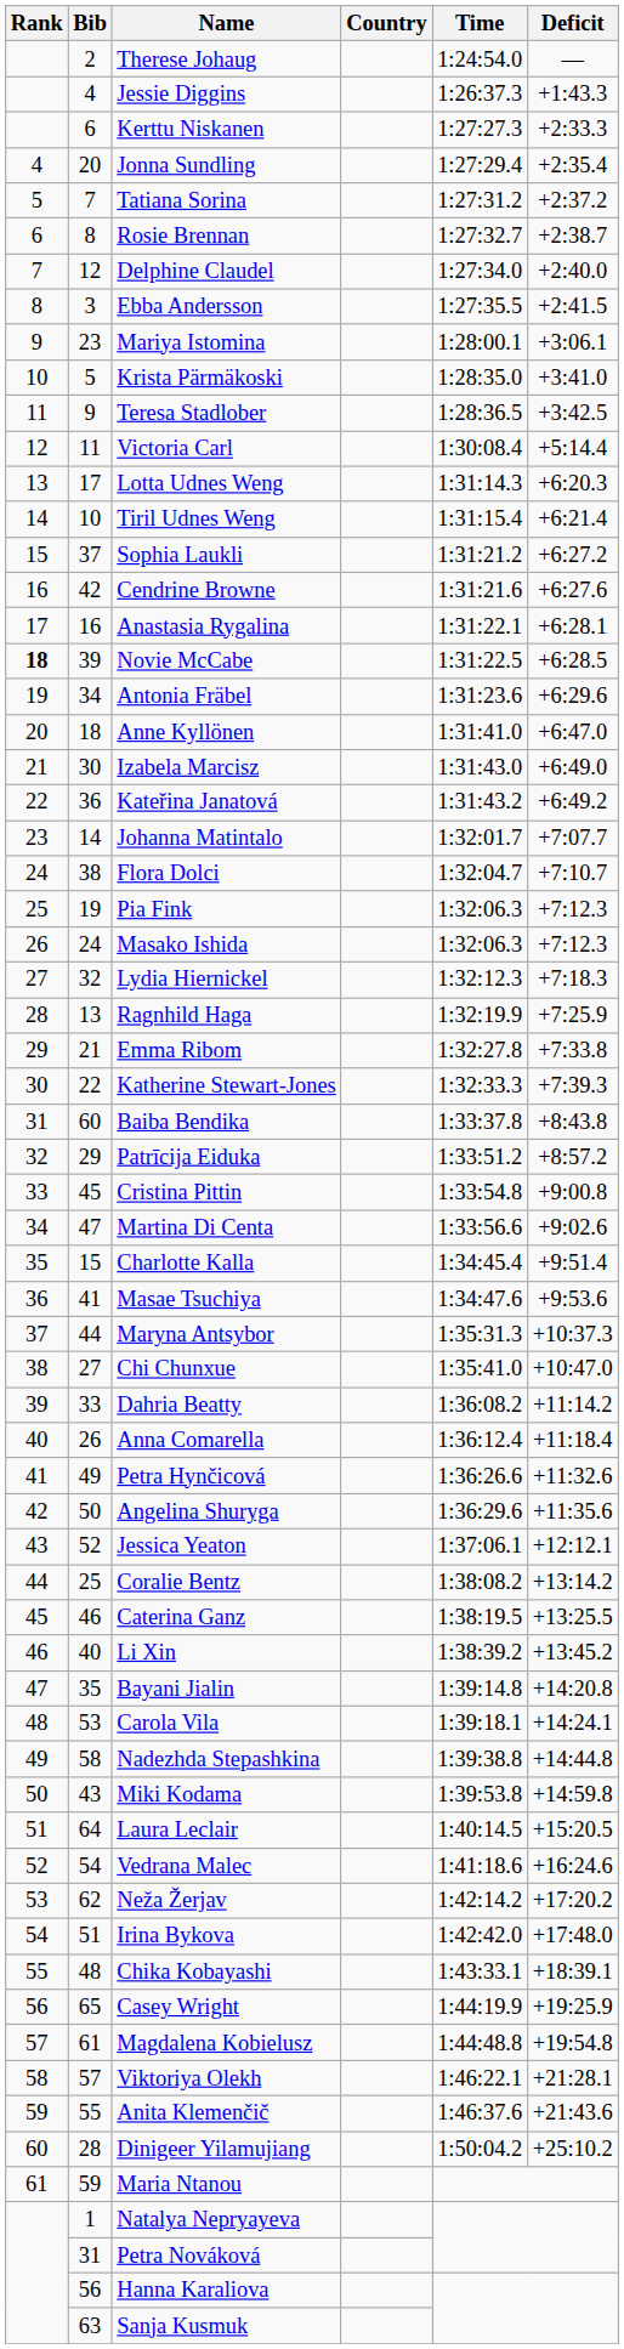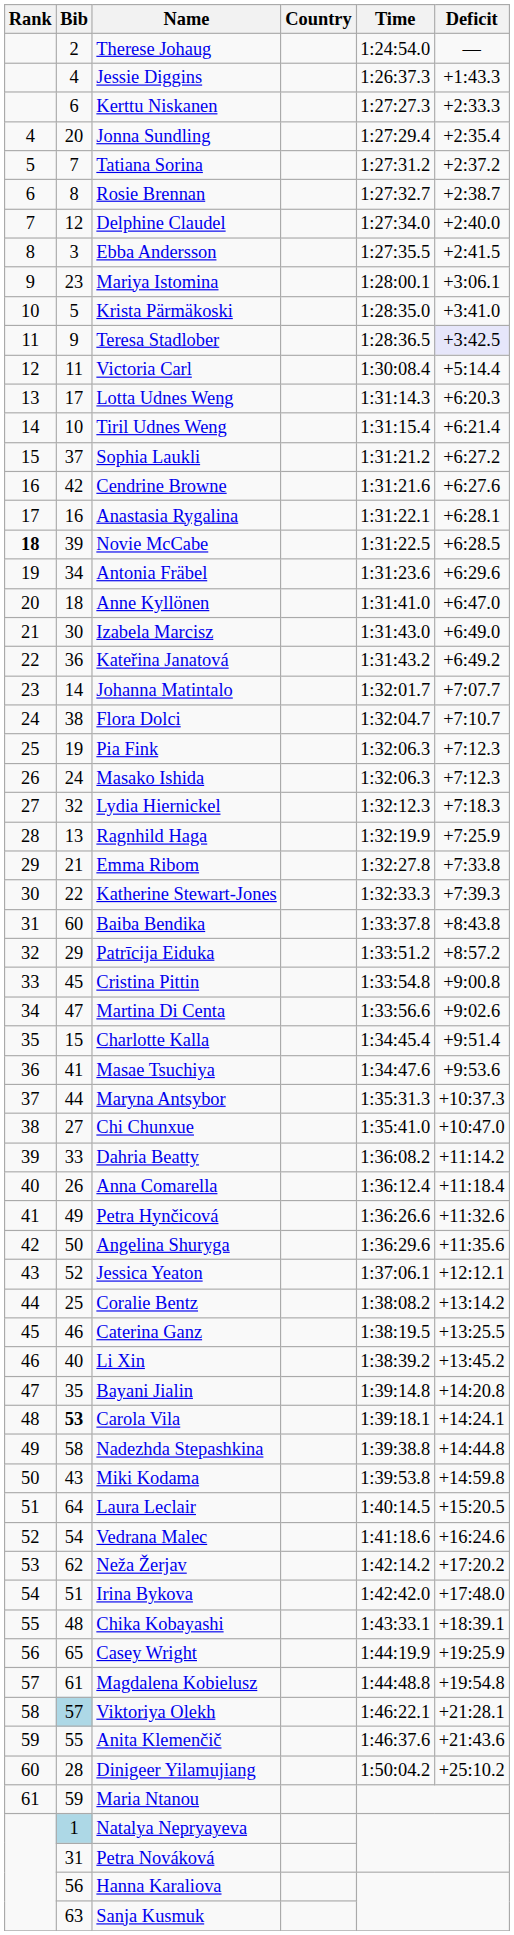 <table class="wikitable sortable" style="text-align:center">
 <tr>
 <th>Rank</th>
 <th>Bib</th>
 <th>Name</th>
 <th>Country</th>
 <th>Time</th>
 <th>Deficit</th>
 </tr>
 <tr>
 <td></td>
 <td>2</td>
 <td align=left><a href='#'>Therese Johaug</a></td>
 <td align=left></td>
 <td>1:24:54.0</td>
 <td>—</td>
 </tr>
 <tr>
 <td></td>
 <td>4</td>
 <td align=left><a href='#'>Jessie Diggins</a></td>
 <td align=left></td>
 <td>1:26:37.3</td>
 <td>+1:43.3</td>
 </tr>
 <tr>
 <td></td>
 <td>6</td>
 <td align=left><a href='#'>Kerttu Niskanen</a></td>
 <td align=left></td>
 <td>1:27:27.3</td>
 <td>+2:33.3</td>
 </tr>
 <tr>
 <td>4</td>
 <td>20</td>
 <td align=left><a href='#'>Jonna Sundling</a></td>
 <td align=left></td>
 <td>1:27:29.4</td>
 <td>+2:35.4</td>
 </tr>
 <tr>
 <td>5</td>
 <td>7</td>
 <td align=left><a href='#'>Tatiana Sorina</a></td>
 <td align=left></td>
 <td>1:27:31.2</td>
 <td>+2:37.2</td>
 </tr>
 <tr>
 <td>6</td>
 <td>8</td>
 <td align=left><a href='#'>Rosie Brennan</a></td>
 <td align=left></td>
 <td>1:27:32.7</td>
 <td>+2:38.7</td>
 </tr>
 <tr>
 <td>7</td>
 <td>12</td>
 <td align=left><a href='#'>Delphine Claudel</a></td>
 <td align=left></td>
 <td>1:27:34.0</td>
 <td>+2:40.0</td>
 </tr>
 <tr>
 <td>8</td>
 <td>3</td>
 <td align=left><a href='#'>Ebba Andersson</a></td>
 <td align=left></td>
 <td>1:27:35.5</td>
 <td>+2:41.5</td>
 </tr>
 <tr>
 <td>9</td>
 <td>23</td>
 <td align=left><a href='#'>Mariya Istomina</a></td>
 <td align=left></td>
 <td>1:28:00.1</td>
 <td>+3:06.1</td>
 </tr>
 <tr>
 <td>10</td>
 <td>5</td>
 <td align=left><a href='#'>Krista Pärmäkoski</a></td>
 <td align=left></td>
 <td>1:28:35.0</td>
 <td>+3:41.0</td>
 </tr>
 <tr>
 <td>11</td>
 <td>9</td>
 <td align=left><a href='#'>Teresa Stadlober</a></td>
 <td align=left></td>
 <td>1:28:36.5</td>
-<td>+3:42.5</td>
+<td style="background: lavender;">+3:42.5</td>
 </tr>
 <tr>
 <td>12</td>
 <td>11</td>
 <td align=left><a href='#'>Victoria Carl</a></td>
 <td align=left></td>
 <td>1:30:08.4</td>
 <td>+5:14.4</td>
 </tr>
 <tr>
 <td>13</td>
 <td>17</td>
 <td align=left><a href='#'>Lotta Udnes Weng</a></td>
 <td align=left></td>
 <td>1:31:14.3</td>
 <td>+6:20.3</td>
 </tr>
 <tr>
 <td>14</td>
 <td>10</td>
 <td align=left><a href='#'>Tiril Udnes Weng</a></td>
 <td align=left></td>
 <td>1:31:15.4</td>
 <td>+6:21.4</td>
 </tr>
 <tr>
 <td>15</td>
 <td>37</td>
 <td align=left><a href='#'>Sophia Laukli</a></td>
 <td align=left></td>
 <td>1:31:21.2</td>
 <td>+6:27.2</td>
 </tr>
 <tr>
 <td>16</td>
 <td>42</td>
 <td align=left><a href='#'>Cendrine Browne</a></td>
 <td align=left></td>
 <td>1:31:21.6</td>
 <td>+6:27.6</td>
 </tr>
 <tr>
 <td>17</td>
 <td>16</td>
 <td align=left><a href='#'>Anastasia Rygalina</a></td>
 <td align=left></td>
 <td>1:31:22.1</td>
 <td>+6:28.1</td>
 </tr>
 <tr>
 <td><strong>18</strong></td>
 <td>39</td>
 <td align=left><a href='#'>Novie McCabe</a></td>
 <td align=left></td>
 <td>1:31:22.5</td>
 <td>+6:28.5</td>
 </tr>
 <tr>
 <td>19</td>
 <td>34</td>
 <td align=left><a href='#'>Antonia Fräbel</a></td>
 <td align=left></td>
 <td>1:31:23.6</td>
 <td>+6:29.6</td>
 </tr>
 <tr>
 <td>20</td>
 <td>18</td>
 <td align=left><a href='#'>Anne Kyllönen</a></td>
 <td align=left></td>
 <td>1:31:41.0</td>
 <td>+6:47.0</td>
 </tr>
 <tr>
 <td>21</td>
 <td>30</td>
 <td align=left><a href='#'>Izabela Marcisz</a></td>
 <td align=left></td>
 <td>1:31:43.0</td>
 <td>+6:49.0</td>
 </tr>
 <tr>
 <td>22</td>
 <td>36</td>
 <td align=left><a href='#'>Kateřina Janatová</a></td>
 <td align=left></td>
 <td>1:31:43.2</td>
 <td>+6:49.2</td>
 </tr>
 <tr>
 <td>23</td>
 <td>14</td>
 <td align=left><a href='#'>Johanna Matintalo</a></td>
 <td align=left></td>
 <td>1:32:01.7</td>
 <td>+7:07.7</td>
 </tr>
 <tr>
 <td>24</td>
 <td>38</td>
 <td align=left><a href='#'>Flora Dolci</a></td>
 <td align=left></td>
 <td>1:32:04.7</td>
 <td>+7:10.7</td>
 </tr>
 <tr>
 <td>25</td>
 <td>19</td>
 <td align=left><a href='#'>Pia Fink</a></td>
 <td align=left></td>
 <td>1:32:06.3</td>
 <td>+7:12.3</td>
 </tr>
 <tr>
 <td>26</td>
 <td>24</td>
 <td align=left><a href='#'>Masako Ishida</a></td>
 <td align=left></td>
 <td>1:32:06.3</td>
 <td>+7:12.3</td>
 </tr>
 <tr>
 <td>27</td>
 <td>32</td>
 <td align=left><a href='#'>Lydia Hiernickel</a></td>
 <td align=left></td>
 <td>1:32:12.3</td>
 <td>+7:18.3</td>
 </tr>
 <tr>
 <td>28</td>
 <td>13</td>
 <td align=left><a href='#'>Ragnhild Haga</a></td>
 <td align=left></td>
 <td>1:32:19.9</td>
 <td>+7:25.9</td>
 </tr>
 <tr>
 <td>29</td>
 <td>21</td>
 <td align=left><a href='#'>Emma Ribom</a></td>
 <td align=left></td>
 <td>1:32:27.8</td>
 <td>+7:33.8</td>
 </tr>
 <tr>
 <td>30</td>
 <td>22</td>
 <td align=left><a href='#'>Katherine Stewart-Jones</a></td>
 <td align=left></td>
 <td>1:32:33.3</td>
 <td>+7:39.3</td>
 </tr>
 <tr>
 <td>31</td>
 <td>60</td>
 <td align=left><a href='#'>Baiba Bendika</a></td>
 <td align=left></td>
 <td>1:33:37.8</td>
 <td>+8:43.8</td>
 </tr>
 <tr>
 <td>32</td>
 <td>29</td>
 <td align=left><a href='#'>Patrīcija Eiduka</a></td>
 <td align=left></td>
 <td>1:33:51.2</td>
 <td>+8:57.2</td>
 </tr>
 <tr>
 <td>33</td>
 <td>45</td>
 <td align=left><a href='#'>Cristina Pittin</a></td>
 <td align=left></td>
 <td>1:33:54.8</td>
 <td>+9:00.8</td>
 </tr>
 <tr>
 <td>34</td>
 <td>47</td>
 <td align=left><a href='#'>Martina Di Centa</a></td>
 <td align=left></td>
 <td>1:33:56.6</td>
 <td>+9:02.6</td>
 </tr>
 <tr>
 <td>35</td>
 <td>15</td>
 <td align=left><a href='#'>Charlotte Kalla</a></td>
 <td align=left></td>
 <td>1:34:45.4</td>
 <td>+9:51.4</td>
 </tr>
 <tr>
 <td>36</td>
 <td>41</td>
 <td align=left><a href='#'>Masae Tsuchiya</a></td>
 <td align=left></td>
 <td>1:34:47.6</td>
 <td>+9:53.6</td>
 </tr>
 <tr>
 <td>37</td>
 <td>44</td>
 <td align=left><a href='#'>Maryna Antsybor</a></td>
 <td align=left></td>
 <td>1:35:31.3</td>
 <td>+10:37.3</td>
 </tr>
 <tr>
 <td>38</td>
 <td>27</td>
 <td align=left><a href='#'>Chi Chunxue</a></td>
 <td align=left></td>
 <td>1:35:41.0</td>
 <td>+10:47.0</td>
 </tr>
 <tr>
 <td>39</td>
 <td>33</td>
 <td align=left><a href='#'>Dahria Beatty</a></td>
 <td align=left></td>
 <td>1:36:08.2</td>
 <td>+11:14.2</td>
 </tr>
 <tr>
 <td>40</td>
 <td>26</td>
 <td align=left><a href='#'>Anna Comarella</a></td>
 <td align=left></td>
 <td>1:36:12.4</td>
 <td>+11:18.4</td>
 </tr>
 <tr>
 <td>41</td>
 <td>49</td>
 <td align=left><a href='#'>Petra Hynčicová</a></td>
 <td align=left></td>
 <td>1:36:26.6</td>
 <td>+11:32.6</td>
 </tr>
 <tr>
 <td>42</td>
 <td>50</td>
 <td align=left><a href='#'>Angelina Shuryga</a></td>
 <td align=left></td>
 <td>1:36:29.6</td>
 <td>+11:35.6</td>
 </tr>
 <tr>
 <td>43</td>
 <td>52</td>
 <td align=left><a href='#'>Jessica Yeaton</a></td>
 <td align=left></td>
 <td>1:37:06.1</td>
 <td>+12:12.1</td>
 </tr>
 <tr>
 <td>44</td>
 <td>25</td>
 <td align=left><a href='#'>Coralie Bentz</a></td>
 <td align=left></td>
 <td>1:38:08.2</td>
 <td>+13:14.2</td>
 </tr>
 <tr>
 <td>45</td>
 <td>46</td>
 <td align=left><a href='#'>Caterina Ganz</a></td>
 <td align=left></td>
 <td>1:38:19.5</td>
 <td>+13:25.5</td>
 </tr>
 <tr>
 <td>46</td>
 <td>40</td>
 <td align=left><a href='#'>Li Xin</a></td>
 <td align=left></td>
 <td>1:38:39.2</td>
 <td>+13:45.2</td>
 </tr>
 <tr>
 <td>47</td>
 <td>35</td>
 <td align=left><a href='#'>Bayani Jialin</a></td>
 <td align=left></td>
 <td>1:39:14.8</td>
 <td>+14:20.8</td>
 </tr>
 <tr>
 <td>48</td>
-<td>53</td>
+<td><strong>53</strong></td>
 <td align=left><a href='#'>Carola Vila</a></td>
 <td align=left></td>
 <td>1:39:18.1</td>
 <td>+14:24.1</td>
 </tr>
 <tr>
 <td>49</td>
 <td>58</td>
 <td align=left><a href='#'>Nadezhda Stepashkina</a></td>
 <td align=left></td>
 <td>1:39:38.8</td>
 <td>+14:44.8</td>
 </tr>
 <tr>
 <td>50</td>
 <td>43</td>
 <td align=left><a href='#'>Miki Kodama</a></td>
 <td align=left></td>
 <td>1:39:53.8</td>
 <td>+14:59.8</td>
 </tr>
 <tr>
 <td>51</td>
 <td>64</td>
 <td align=left><a href='#'>Laura Leclair</a></td>
 <td align=left></td>
 <td>1:40:14.5</td>
 <td>+15:20.5</td>
 </tr>
 <tr>
 <td>52</td>
 <td>54</td>
 <td align=left><a href='#'>Vedrana Malec</a></td>
 <td align=left></td>
 <td>1:41:18.6</td>
 <td>+16:24.6</td>
 </tr>
 <tr>
 <td>53</td>
 <td>62</td>
 <td align=left><a href='#'>Neža Žerjav</a></td>
 <td align=left></td>
 <td>1:42:14.2</td>
 <td>+17:20.2</td>
 </tr>
 <tr>
 <td>54</td>
 <td>51</td>
 <td align=left><a href='#'>Irina Bykova</a></td>
 <td align=left></td>
 <td>1:42:42.0</td>
 <td>+17:48.0</td>
 </tr>
 <tr>
 <td>55</td>
 <td>48</td>
 <td align=left><a href='#'>Chika Kobayashi</a></td>
 <td align=left></td>
 <td>1:43:33.1</td>
 <td>+18:39.1</td>
 </tr>
 <tr>
 <td>56</td>
 <td>65</td>
 <td align=left><a href='#'>Casey Wright</a></td>
 <td align=left></td>
 <td>1:44:19.9</td>
 <td>+19:25.9</td>
 </tr>
 <tr>
 <td>57</td>
 <td>61</td>
 <td align=left><a href='#'>Magdalena Kobielusz</a></td>
 <td align=left></td>
 <td>1:44:48.8</td>
 <td>+19:54.8</td>
 </tr>
 <tr>
 <td>58</td>
-<td>57</td>
+<td style="background: lightblue;">57</td>
 <td align=left><a href='#'>Viktoriya Olekh</a></td>
 <td align=left></td>
 <td>1:46:22.1</td>
 <td>+21:28.1</td>
 </tr>
 <tr>
 <td>59</td>
 <td>55</td>
 <td align=left><a href='#'>Anita Klemenčič</a></td>
 <td align=left></td>
 <td>1:46:37.6</td>
 <td>+21:43.6</td>
 </tr>
 <tr>
 <td>60</td>
 <td>28</td>
 <td align=left><a href='#'>Dinigeer Yilamujiang</a></td>
 <td align=left></td>
 <td>1:50:04.2</td>
 <td>+25:10.2</td>
 </tr>
 <tr>
 <td>61</td>
 <td>59</td>
 <td align=left><a href='#'>Maria Ntanou</a></td>
 <td align=left></td>
 <td colspan=2></td>
 </tr>
 <tr>
 <td rowspan=4></td>
-<td>1</td>
+<td style="background: lightblue;">1</td>
 <td align=left><a href='#'>Natalya Nepryayeva</a></td>
 <td align=left></td>
 <td rowspan=2 colspan=2></td>
 </tr>
 <tr>
 <td>31</td>
 <td align=left><a href='#'>Petra Nováková</a></td>
 <td align=left></td>
 </tr>
 <tr>
 <td>56</td>
 <td align=left><a href='#'>Hanna Karaliova</a></td>
 <td align=left></td>
 <td rowspan=2 colspan=2></td>
 </tr>
 <tr>
 <td>63</td>
 <td align=left><a href='#'>Sanja Kusmuk</a></td>
 <td align=left></td>
 </tr>
 </table>
